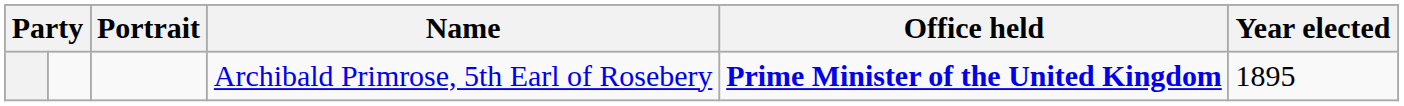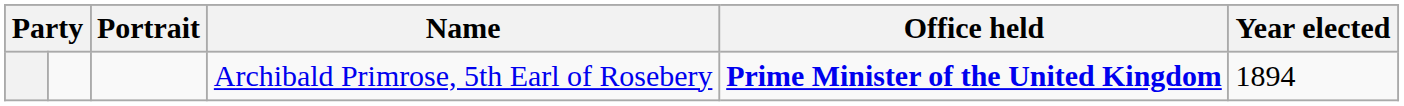 <table class="wikitable sortable">
 <tr>
 <th colspan=2>Party</th>
 <th>Portrait</th>
 <th>Name</th>
 <th>Office held</th>
 <th>Year elected</th>
 </tr>
 <tr>
 <th style="background-color: "></th>
 <td></td>
 <td></td>
 <td><a href='#'>Archibald Primrose, 5th Earl of Rosebery</a></td>
 <td><strong><a href='#'>Prime Minister of the United Kingdom</a></strong></td>
-<td>1895</td>
+<td>1894</td>
 </tr>
 </table>
